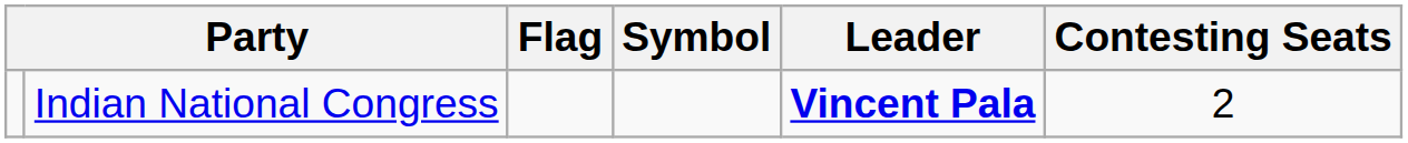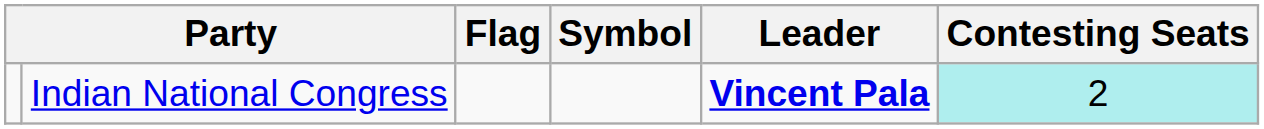 <table class="wikitable" style="text-align:center">
 <tr>
 <th colspan="2">Party</th>
 <th>Flag</th>
 <th>Symbol</th>
 <th>Leader</th>
 <th>Contesting Seats</th>
 </tr>
 <tr>
 <td></td>
 <td><a href='#'>Indian National Congress</a></td>
 <td></td>
 <td></td>
 <td><strong><a href='#'>Vincent Pala</a></strong></td>
-<td>2</td>
+<td style="background: paleturquoise;">2</td>
 </tr>
 </table>
